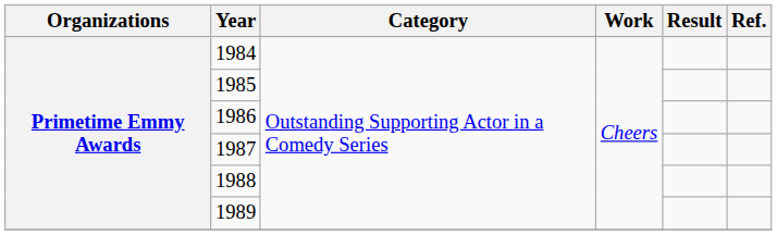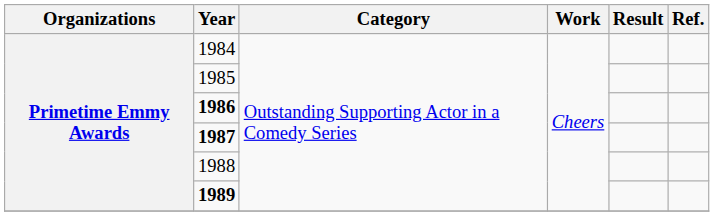 <table class="wikitable sortable plainrowheaders">
 <tr>
 <th>Organizations</th>
 <th>Year</th>
 <th>Category</th>
 <th>Work</th>
 <th>Result</th>
 <th class="unsortable">Ref.</th>
 </tr>
 <tr>
 <th rowspan="6" scope="row"><a href='#'>Primetime Emmy Awards</a></th>
 <td>1984</td>
 <td rowspan=6><a href='#'>Outstanding Supporting Actor in a Comedy Series</a></td>
 <td rowspan=6><em><a href='#'>Cheers</a></em></td>
 <td></td>
 <td></td>
 </tr>
 <tr>
 <td>1985</td>
 <td></td>
 <td></td>
 </tr>
 <tr>
-<td>1986</td>
+<td><strong>1986</strong></td>
 <td></td>
 <td></td>
 </tr>
 <tr>
-<td>1987</td>
+<td><strong>1987</strong></td>
 <td></td>
 <td></td>
 </tr>
 <tr>
 <td>1988</td>
 <td></td>
 <td></td>
 </tr>
 <tr>
-<td>1989</td>
+<td><strong>1989</strong></td>
 <td></td>
 <td></td>
 </tr>
 <tr>
 </tr>
 </table>
